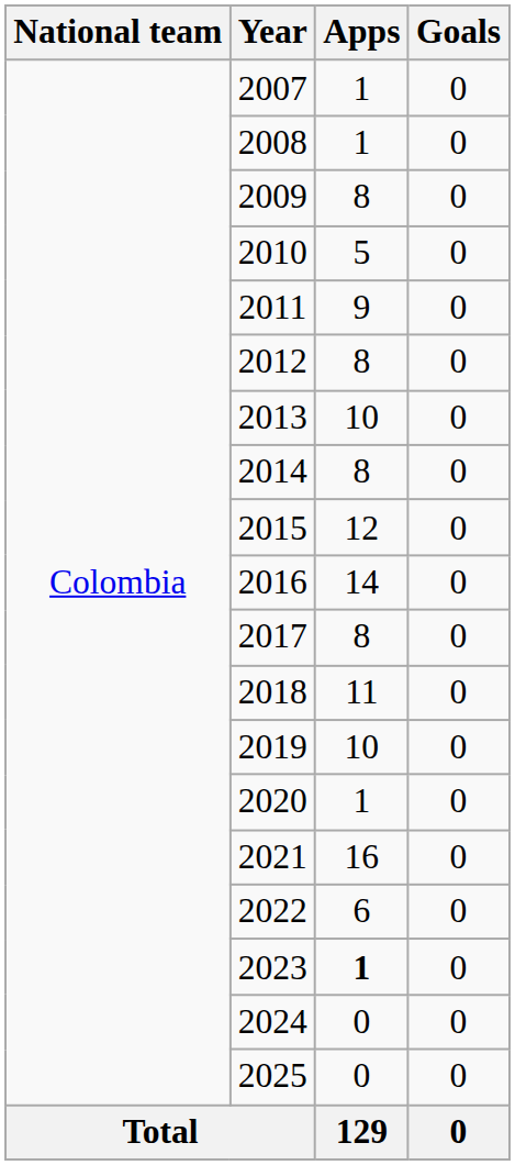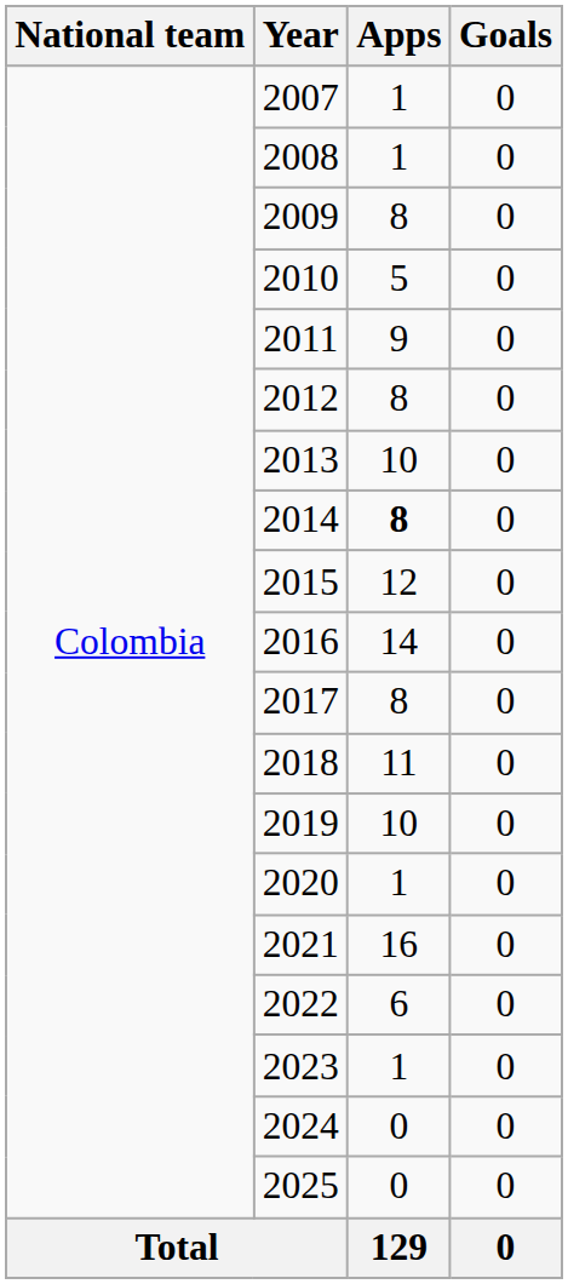 <table class="wikitable" style="text-align:center">
 <tr>
 <th>National team</th>
 <th>Year</th>
 <th>Apps</th>
 <th>Goals</th>
 </tr>
 <tr>
 <td rowspan="19"><a href='#'>Colombia</a></td>
 <td>2007</td>
 <td>1</td>
 <td>0</td>
 </tr>
 <tr>
 <td>2008</td>
 <td>1</td>
 <td>0</td>
 </tr>
 <tr>
 <td>2009</td>
 <td>8</td>
 <td>0</td>
 </tr>
 <tr>
 <td>2010</td>
 <td>5</td>
 <td>0</td>
 </tr>
 <tr>
 <td>2011</td>
 <td>9</td>
 <td>0</td>
 </tr>
 <tr>
 <td>2012</td>
 <td>8</td>
 <td>0</td>
 </tr>
 <tr>
 <td>2013</td>
 <td>10</td>
 <td>0</td>
 </tr>
 <tr>
 <td>2014</td>
-<td>8</td>
+<td><strong>8</strong></td>
 <td>0</td>
 </tr>
 <tr>
 <td>2015</td>
 <td>12</td>
 <td>0</td>
 </tr>
 <tr>
 <td>2016</td>
 <td>14</td>
 <td>0</td>
 </tr>
 <tr>
 <td>2017</td>
 <td>8</td>
 <td>0</td>
 </tr>
 <tr>
 <td>2018</td>
 <td>11</td>
 <td>0</td>
 </tr>
 <tr>
 <td>2019</td>
 <td>10</td>
 <td>0</td>
 </tr>
 <tr>
 <td>2020</td>
 <td>1</td>
 <td>0</td>
 </tr>
 <tr>
 <td>2021</td>
 <td>16</td>
 <td>0</td>
 </tr>
 <tr>
 <td>2022</td>
 <td>6</td>
 <td>0</td>
 </tr>
 <tr>
 <td>2023</td>
-<td><strong>1</strong></td>
+<td>1</td>
 <td>0</td>
 </tr>
 <tr>
 <td>2024</td>
 <td>0</td>
 <td>0</td>
 </tr>
 <tr>
 <td>2025</td>
 <td>0</td>
 <td>0</td>
 </tr>
 <tr>
 <th colspan="2">Total</th>
 <th>129</th>
 <th>0</th>
 </tr>
 </table>
